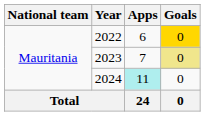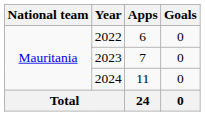 <table class="wikitable" style="text-align:center">
 <tr>
 <th>National team</th>
 <th>Year</th>
 <th>Apps</th>
 <th>Goals</th>
 </tr>
 <tr>
 <td rowspan="3"><a href='#'>Mauritania</a></td>
 <td>2022</td>
 <td>6</td>
-<td style="background: gold;">0</td>
+<td>0</td>
 </tr>
 <tr>
 <td>2023</td>
 <td>7</td>
-<td style="background: khaki;">0</td>
+<td>0</td>
 </tr>
 <tr>
 <td>2024</td>
-<td style="background: paleturquoise;">11</td>
+<td>11</td>
 <td>0</td>
 </tr>
 <tr>
 <th colspan=2>Total</th>
 <th>24</th>
 <th>0</th>
 </tr>
 </table>
